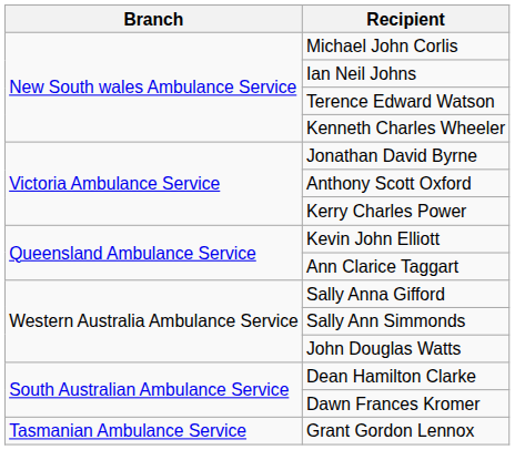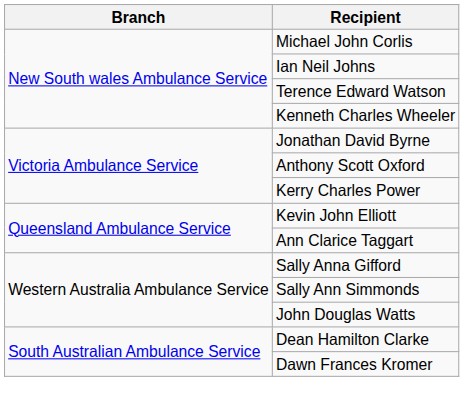 <table class="wikitable" style="font-size:95%;">
 <tr>
 <th>Branch</th>
 <th>Recipient</th>
 </tr>
 <tr>
 <td rowspan="4"><a href='#'>New South wales Ambulance Service</a></td>
 <td>Michael John Corlis</td>
 </tr>
 <tr>
 <td>Ian Neil Johns</td>
 </tr>
 <tr>
 <td>Terence Edward Watson</td>
 </tr>
 <tr>
 <td>Kenneth Charles Wheeler</td>
 </tr>
 <tr>
 <td rowspan="3"><a href='#'>Victoria Ambulance Service</a></td>
 <td>Jonathan David Byrne</td>
 </tr>
 <tr>
 <td>Anthony Scott Oxford</td>
 </tr>
 <tr>
 <td>Kerry Charles Power</td>
 </tr>
 <tr>
 <td rowspan="2"><a href='#'>Queensland Ambulance Service</a></td>
 <td>Kevin John Elliott</td>
 </tr>
 <tr>
 <td>Ann Clarice Taggart</td>
 </tr>
 <tr>
 <td rowspan="3">Western Australia Ambulance Service</td>
 <td>Sally Anna Gifford</td>
 </tr>
 <tr>
 <td>Sally Ann Simmonds</td>
 </tr>
 <tr>
 <td>John Douglas Watts</td>
 </tr>
 <tr>
 <td rowspan="2"><a href='#'>South Australian Ambulance Service</a></td>
 <td>Dean Hamilton Clarke</td>
 </tr>
 <tr>
 <td>Dawn Frances Kromer</td>
 </tr>
-<tr>
-<td rowspan="1"><a href='#'>Tasmanian Ambulance Service</a></td>
-<td>Grant Gordon Lennox</td>
-</tr>
 </table>
